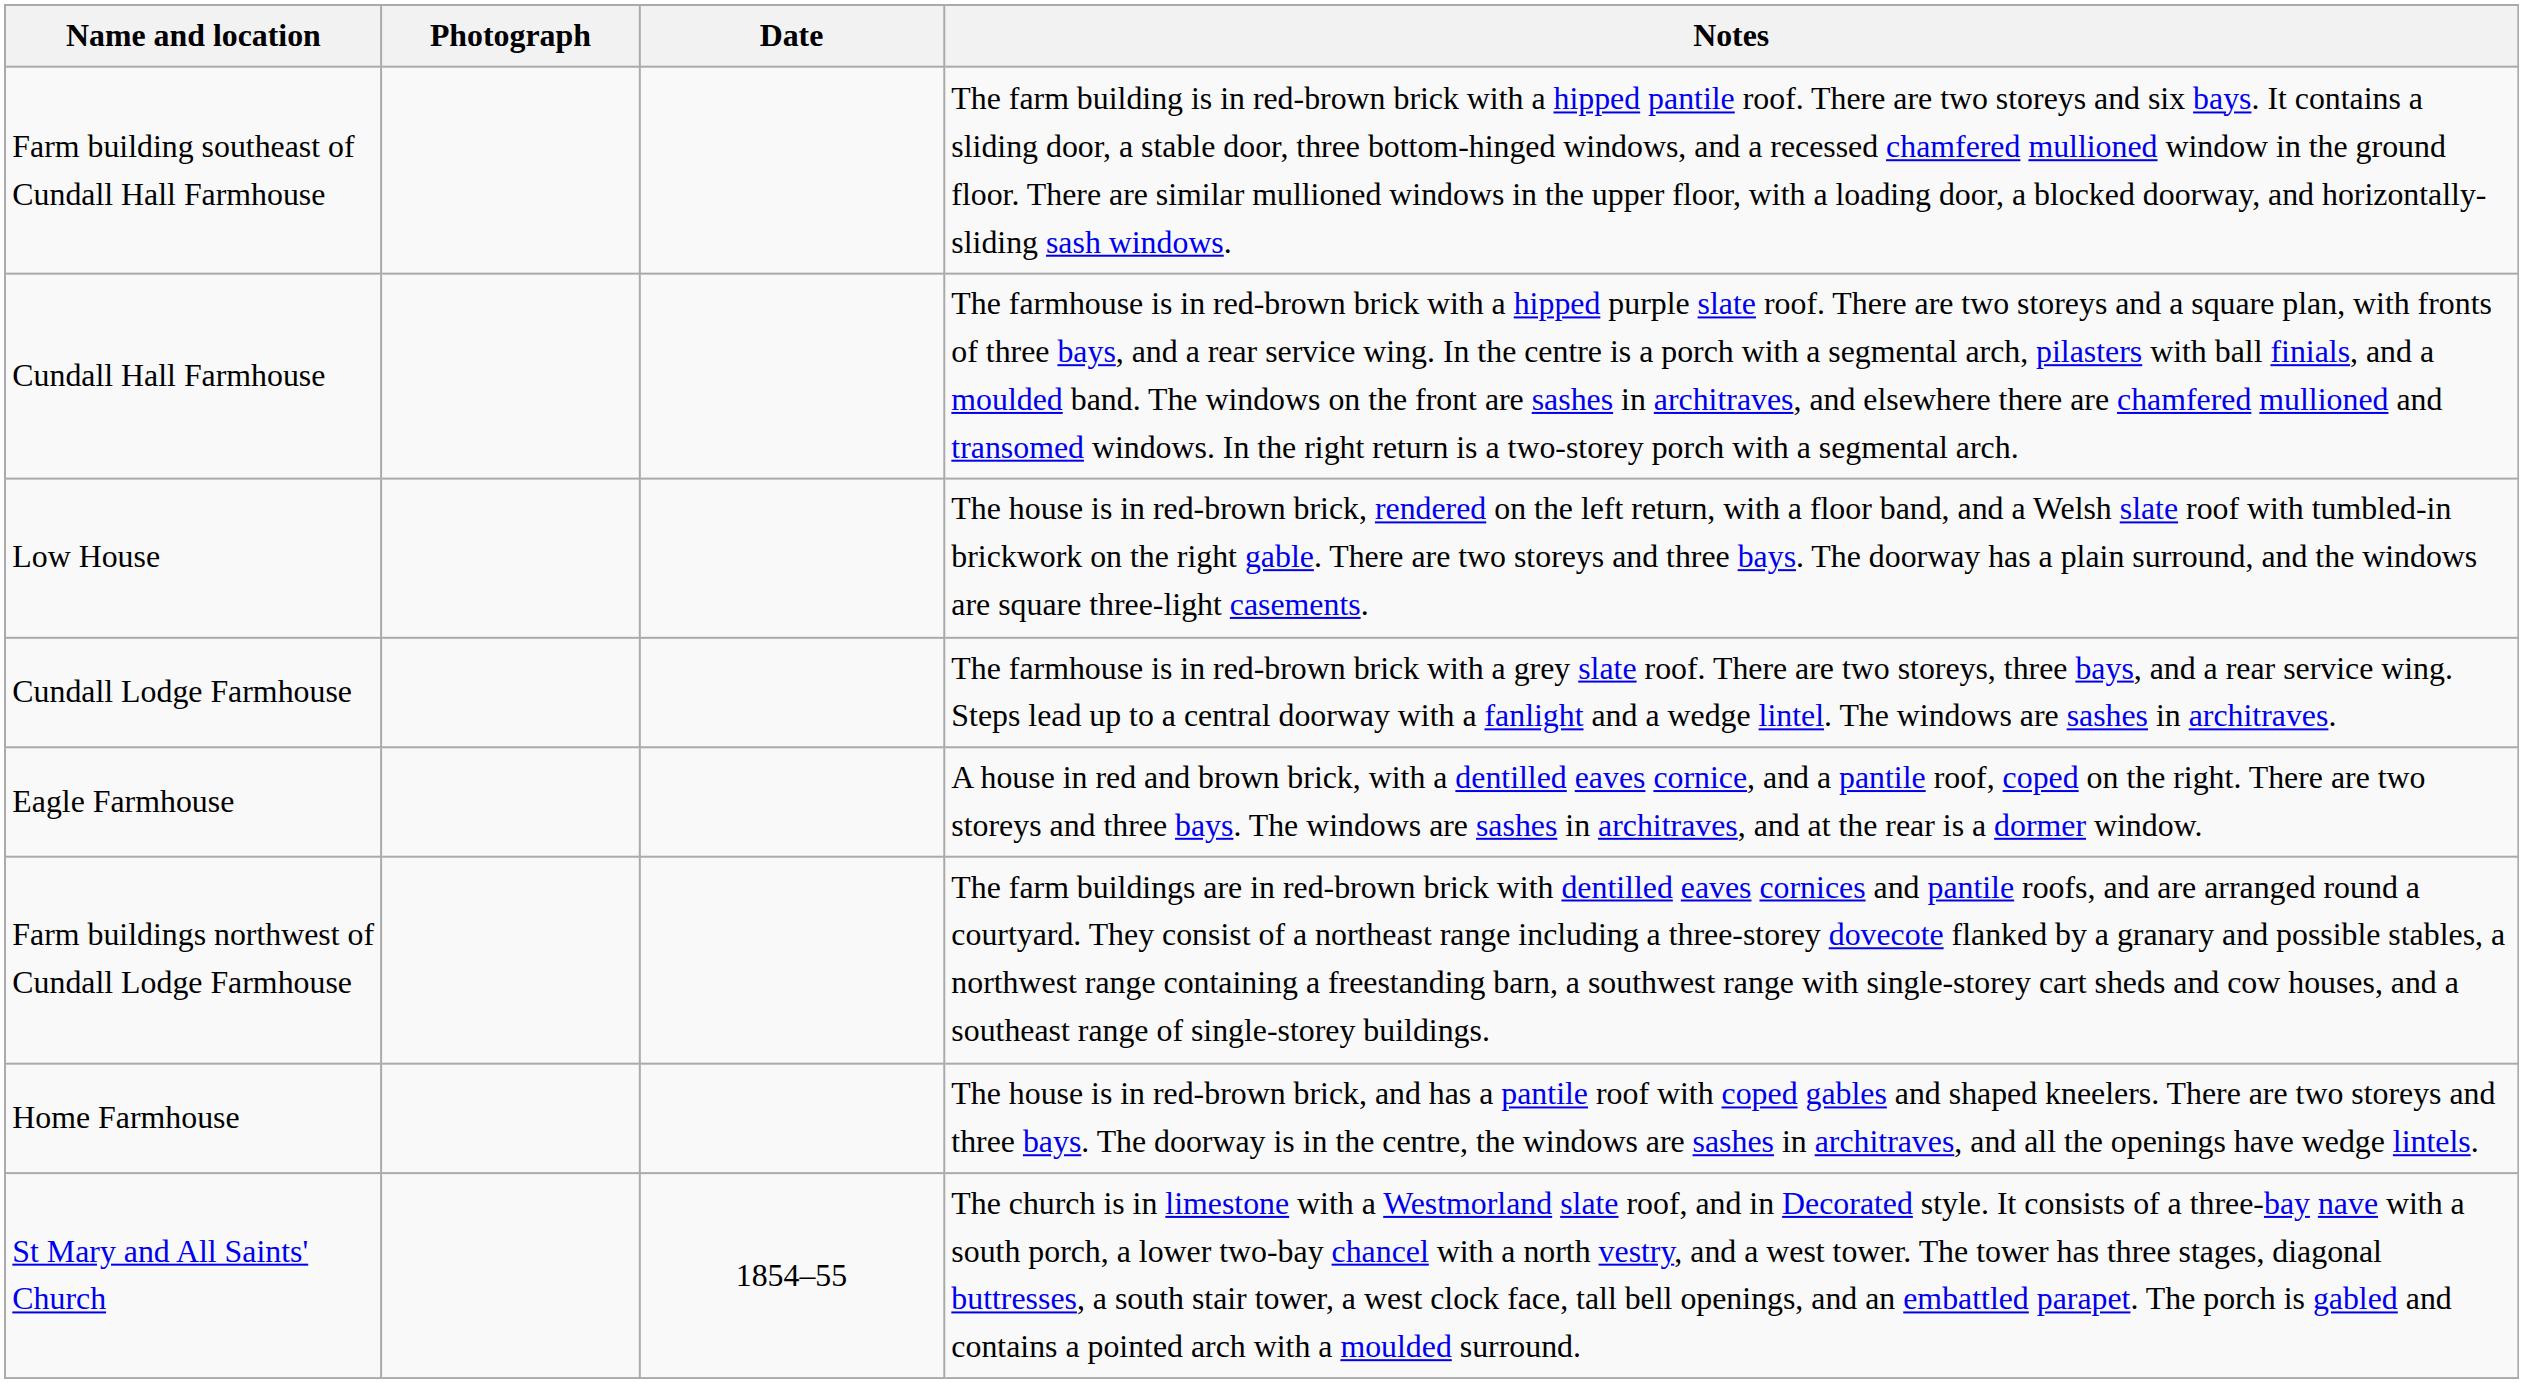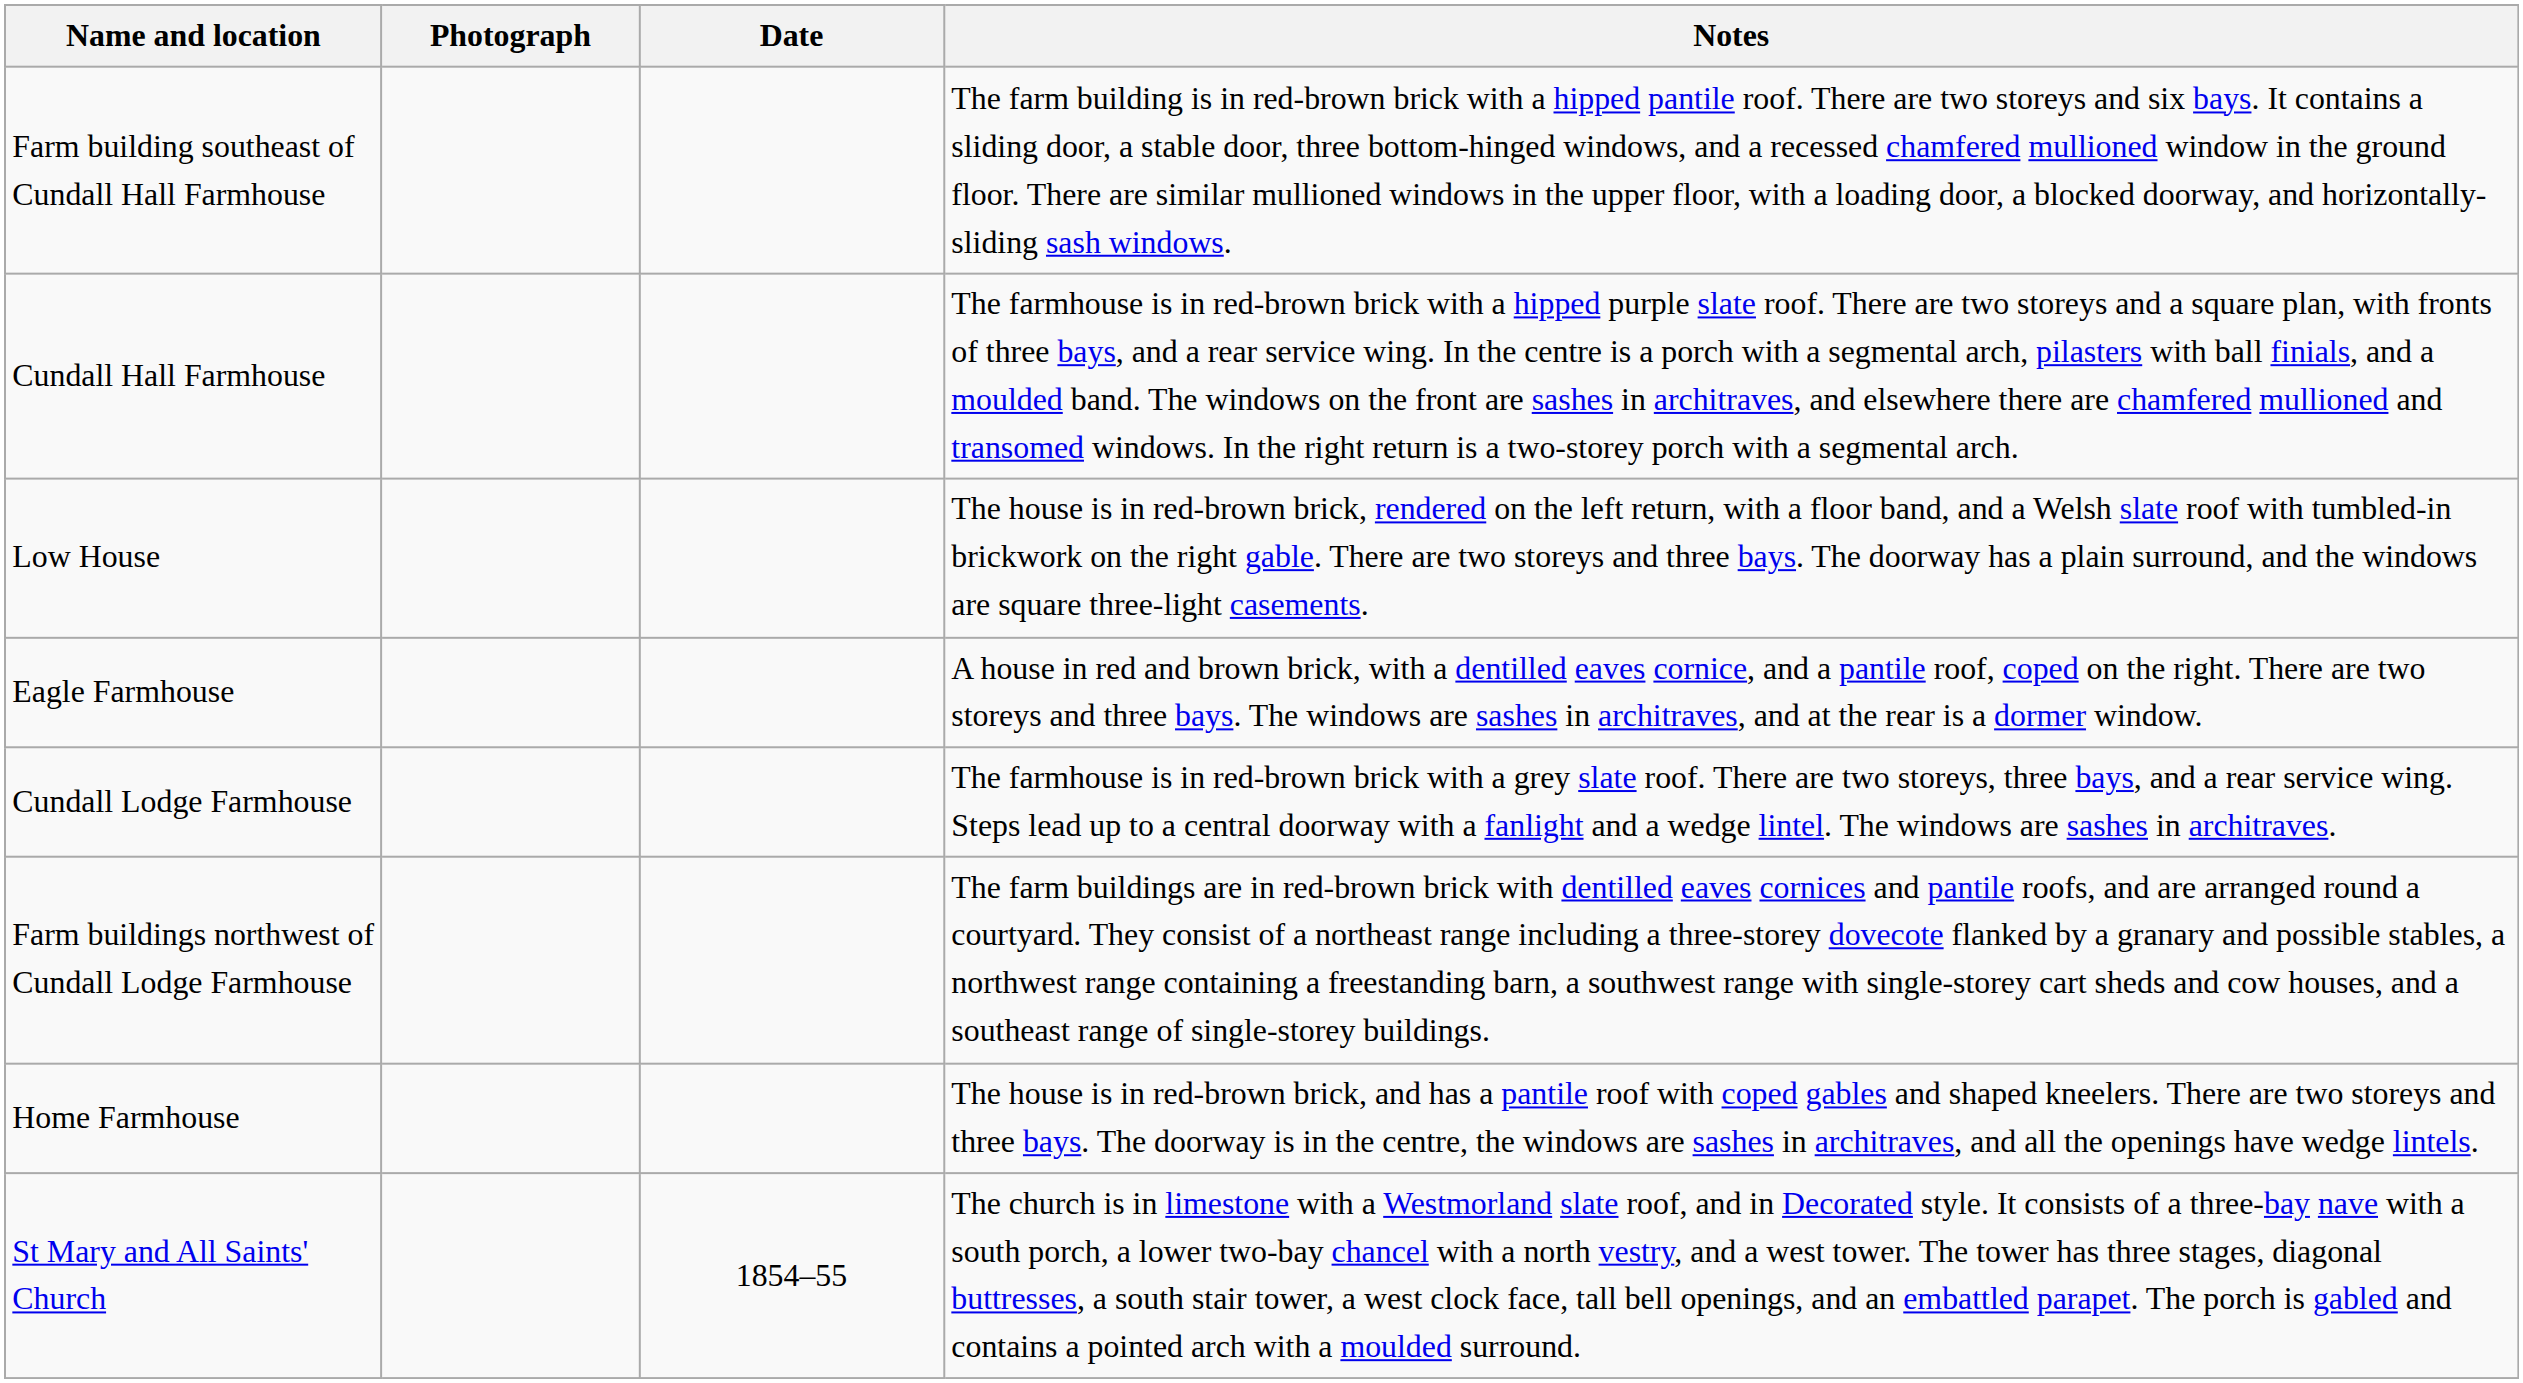 <table class="wikitable sortable plainrowheaders" style="width:100%;border:0px;text-align:left;line-height:150%;">
 <tr>
 <th scope="col"  style="width:150px">Name and location</th>
 <th scope="col"  style="width:100px" class="unsortable">Photograph</th>
 <th scope="col"  style="width:120px">Date</th>
 <th scope="col"  style="width:650px" class="unsortable">Notes</th>
 </tr>
 <tr>
 <td>Farm building southeast of Cundall Hall Farmhouse<br><small></small></td>
 <td></td>
 <td align="center"></td>
 <td>The farm building is in red-brown brick with a <a href='#'>hipped</a> <a href='#'>pantile</a> roof.  There are two storeys and six <a href='#'>bays</a>.  It contains a sliding door, a stable door, three bottom-hinged windows, and a recessed <a href='#'>chamfered</a> <a href='#'>mullioned</a> window in the ground floor.  There are similar mullioned windows in the upper floor, with a loading door, a blocked doorway, and horizontally-sliding <a href='#'>sash windows</a>.</td>
 </tr>
 <tr>
 <td>Cundall Hall Farmhouse<br><small></small></td>
 <td></td>
 <td align="center"></td>
 <td>The farmhouse is in red-brown brick with a <a href='#'>hipped</a> purple <a href='#'>slate</a> roof.  There are two storeys and a square plan, with fronts of three <a href='#'>bays</a>, and a rear service wing.  In the centre is a porch with a segmental arch, <a href='#'>pilasters</a> with ball <a href='#'>finials</a>, and a <a href='#'>moulded</a> band.  The windows on the front are <a href='#'>sashes</a> in <a href='#'>architraves</a>, and elsewhere there are <a href='#'>chamfered</a> <a href='#'>mullioned</a> and <a href='#'>transomed</a> windows.  In the right return is a two-storey porch with a segmental arch.</td>
 </tr>
 <tr>
 <td>Low House<br><small></small></td>
 <td></td>
 <td align="center"></td>
 <td>The house is in red-brown brick, <a href='#'>rendered</a> on the left return, with a floor band, and a Welsh <a href='#'>slate</a> roof with tumbled-in brickwork on the right <a href='#'>gable</a>.  There are two storeys and three <a href='#'>bays</a>.  The doorway has a plain surround, and the windows are square three-light <a href='#'>casements</a>.</td>
 </tr>
 <tr>
+<td>Eagle Farmhouse<br><small></small></td>
+<td></td>
+<td align="center"></td>
+<td>A house in red and brown brick, with a <a href='#'>dentilled</a> <a href='#'>eaves</a> <a href='#'>cornice</a>, and a <a href='#'>pantile</a> roof, <a href='#'>coped</a> on the right.  There are two storeys and three <a href='#'>bays</a>.  The windows are <a href='#'>sashes</a> in <a href='#'>architraves</a>, and at the rear is a <a href='#'>dormer</a> window.</td>
+</tr>
+<tr>
 <td>Cundall Lodge Farmhouse<br><small></small></td>
 <td></td>
 <td align="center"></td>
 <td>The farmhouse is in red-brown brick with a grey <a href='#'>slate</a> roof.  There are two storeys, three <a href='#'>bays</a>, and a rear service wing.  Steps lead up to a central doorway with a <a href='#'>fanlight</a> and a wedge <a href='#'>lintel</a>.  The windows are <a href='#'>sashes</a> in <a href='#'>architraves</a>.</td>
-</tr>
-<tr>
-<td>Eagle Farmhouse<br><small></small></td>
-<td></td>
-<td align="center"></td>
-<td>A house in red and brown brick, with a <a href='#'>dentilled</a> <a href='#'>eaves</a> <a href='#'>cornice</a>, and a <a href='#'>pantile</a> roof, <a href='#'>coped</a> on the right.  There are two storeys and three <a href='#'>bays</a>.  The windows are <a href='#'>sashes</a> in <a href='#'>architraves</a>, and at the rear is a <a href='#'>dormer</a> window.</td>
 </tr>
 <tr>
 <td>Farm buildings northwest of Cundall Lodge Farmhouse<br><small></small></td>
 <td></td>
 <td align="center"></td>
 <td>The farm buildings are in red-brown brick with <a href='#'>dentilled</a> <a href='#'>eaves</a> <a href='#'>cornices</a> and <a href='#'>pantile</a> roofs, and are arranged round a courtyard.  They consist of a northeast range including a three-storey <a href='#'>dovecote</a> flanked by a granary and possible stables, a northwest range containing a freestanding barn, a southwest range with single-storey cart sheds and cow houses, and a southeast range of single-storey buildings.</td>
 </tr>
 <tr>
 <td>Home Farmhouse<br><small></small></td>
 <td></td>
 <td align="center"></td>
 <td>The house is in red-brown brick, and has a <a href='#'>pantile</a> roof with <a href='#'>coped</a> <a href='#'>gables</a> and shaped kneelers.  There are two storeys and three <a href='#'>bays</a>.  The doorway is in the centre, the windows are <a href='#'>sashes</a> in <a href='#'>architraves</a>, and all the openings have wedge <a href='#'>lintels</a>.</td>
 </tr>
 <tr>
 <td><a href='#'>St Mary and All Saints' Church</a><br><small></small></td>
 <td></td>
 <td align="center">1854–55</td>
 <td>The church is in <a href='#'>limestone</a> with a <a href='#'>Westmorland</a> <a href='#'>slate</a> roof, and in <a href='#'>Decorated</a> style.  It consists of a three-<a href='#'>bay</a> <a href='#'>nave</a> with a south porch, a lower two-bay <a href='#'>chancel</a> with a north <a href='#'>vestry</a>, and a west tower.  The tower has three stages, diagonal <a href='#'>buttresses</a>, a south stair tower, a west clock face, tall bell openings, and an <a href='#'>embattled</a> <a href='#'>parapet</a>.  The porch is <a href='#'>gabled</a> and contains a pointed arch with a <a href='#'>moulded</a> surround.</td>
 </tr>
 <tr>
 </tr>
 </table>
